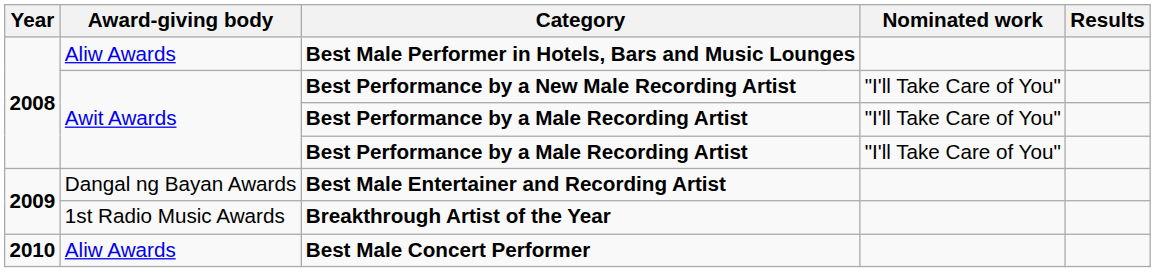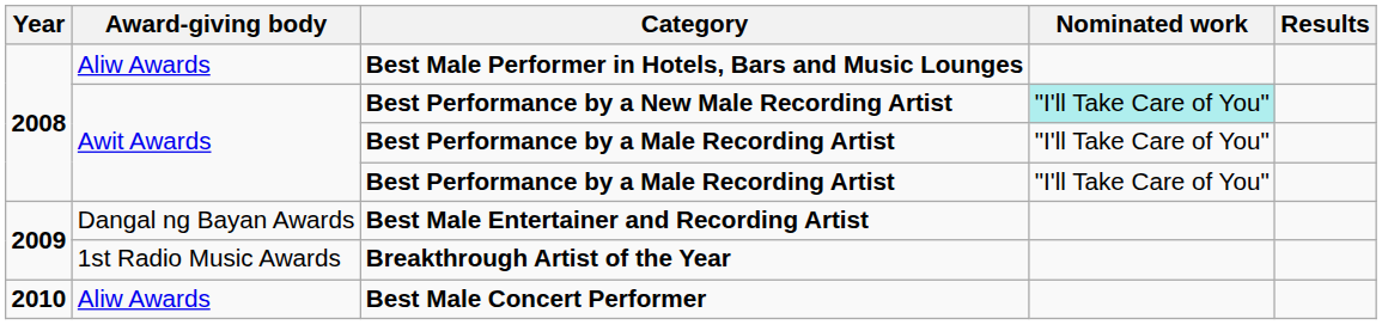 <table class="wikitable">
 <tr>
 <th>Year</th>
 <th>Award-giving body</th>
 <th>Category</th>
 <th>Nominated work</th>
 <th>Results</th>
 </tr>
 <tr>
 <td rowspan="4"><strong>2008</strong></td>
 <td><a href='#'>Aliw Awards</a></td>
 <td><strong>Best Male Performer in Hotels, Bars and Music Lounges</strong></td>
 <td></td>
 <td></td>
 </tr>
 <tr>
 <td rowspan="3"><a href='#'>Awit Awards</a></td>
 <td><strong>Best Performance by a New Male Recording Artist</strong></td>
-<td align=center>"I'll Take Care of You"</td>
+<td align=center style="background: paleturquoise;">"I'll Take Care of You"</td>
 <td></td>
 </tr>
 <tr>
 <td><strong>Best Performance by a Male Recording Artist</strong> </td>
 <td align=center>"I'll Take Care of You"</td>
 <td></td>
 </tr>
 <tr>
 <td><strong>Best Performance by a Male Recording Artist</strong> </td>
 <td align=center>"I'll Take Care of You"</td>
 <td></td>
 </tr>
 <tr>
 <td rowspan=2><strong>2009</strong></td>
 <td>Dangal ng Bayan Awards</td>
 <td><strong>Best Male Entertainer and Recording Artist</strong></td>
 <td></td>
 <td></td>
 </tr>
 <tr>
 <td>1st Radio Music Awards</td>
 <td><strong>Breakthrough Artist of the Year</strong></td>
 <td></td>
 <td></td>
 </tr>
 <tr>
 <td><strong>2010</strong></td>
 <td><a href='#'>Aliw Awards</a></td>
 <td><strong>Best Male Concert Performer</strong></td>
 <td></td>
 <td></td>
 </tr>
 </table>
